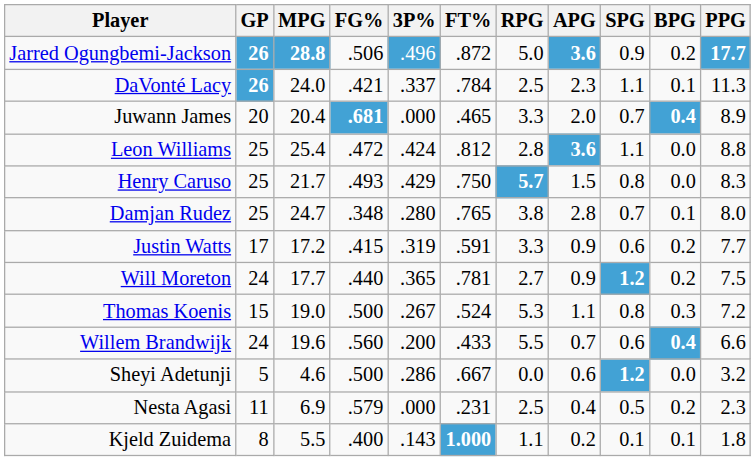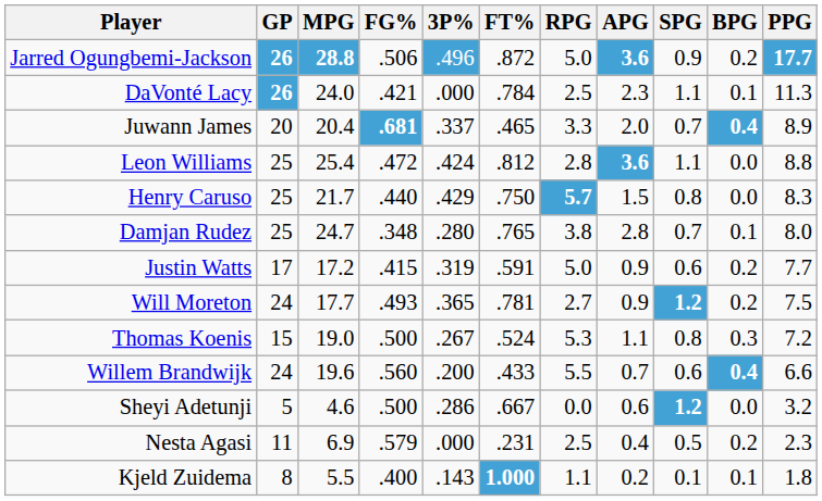 <table class="wikitable sortable" style="text-align:right;">
 <tr>
 <th>Player</th>
 <th>GP</th>
 <th>MPG</th>
 <th>FG%</th>
 <th>3P%</th>
 <th>FT%</th>
 <th>RPG</th>
 <th>APG</th>
 <th>SPG</th>
 <th>BPG</th>
 <th>PPG</th>
 </tr>
 <tr>
 <td><a href='#'>Jarred Ogungbemi-Jackson</a></td>
 <td style="background:#42A2D5; color:white;"><strong>26</strong></td>
 <td style="background:#42A2D5; color:white;"><strong>28.8</strong></td>
 <td>.506</td>
 <td style="background:#42A2D5; color:white;">.496</td>
 <td>.872</td>
 <td>5.0</td>
 <td style="background:#42A2D5; color:white;"><strong>3.6</strong></td>
 <td>0.9</td>
 <td>0.2</td>
 <td style="background:#42A2D5; color:white;"><strong>17.7</strong></td>
 </tr>
 <tr>
 <td><a href='#'>DaVonté Lacy</a></td>
 <td style="background:#42A2D5; color:white;"><strong>26</strong></td>
 <td>24.0</td>
 <td>.421</td>
-<td>.337</td>
+<td>.000</td>
 <td>.784</td>
 <td>2.5</td>
 <td>2.3</td>
 <td>1.1</td>
 <td>0.1</td>
 <td>11.3</td>
 </tr>
 <tr>
 <td>Juwann James</td>
 <td>20</td>
 <td>20.4</td>
 <td style="background:#42A2D5; color:white;"><strong>.681</strong></td>
-<td>.000</td>
+<td>.337</td>
 <td>.465</td>
 <td>3.3</td>
 <td>2.0</td>
 <td>0.7</td>
 <td style="background:#42A2D5; color:white;"><strong>0.4</strong></td>
 <td>8.9</td>
 </tr>
 <tr>
 <td><a href='#'>Leon Williams</a></td>
 <td>25</td>
 <td>25.4</td>
 <td>.472</td>
 <td>.424</td>
 <td>.812</td>
 <td>2.8</td>
 <td style="background:#42A2D5; color:white;"><strong>3.6</strong></td>
 <td>1.1</td>
 <td>0.0</td>
 <td>8.8</td>
 </tr>
 <tr>
 <td><a href='#'>Henry Caruso</a></td>
 <td>25</td>
 <td>21.7</td>
-<td>.493</td>
+<td>.440</td>
 <td>.429</td>
 <td>.750</td>
 <td style="background:#42A2D5; color:white;"><strong>5.7</strong></td>
 <td>1.5</td>
 <td>0.8</td>
 <td>0.0</td>
 <td>8.3</td>
 </tr>
 <tr>
 <td><a href='#'>Damjan Rudez</a></td>
 <td>25</td>
 <td>24.7</td>
 <td>.348</td>
 <td>.280</td>
 <td>.765</td>
 <td>3.8</td>
 <td>2.8</td>
 <td>0.7</td>
 <td>0.1</td>
 <td>8.0</td>
 </tr>
 <tr>
 <td><a href='#'>Justin Watts</a></td>
 <td>17</td>
 <td>17.2</td>
 <td>.415</td>
 <td>.319</td>
 <td>.591</td>
-<td>3.3</td>
+<td>5.0</td>
 <td>0.9</td>
 <td>0.6</td>
 <td>0.2</td>
 <td>7.7</td>
 </tr>
 <tr>
 <td><a href='#'>Will Moreton</a></td>
 <td>24</td>
 <td>17.7</td>
-<td>.440</td>
+<td>.493</td>
 <td>.365</td>
 <td>.781</td>
 <td>2.7</td>
 <td>0.9</td>
 <td style="background:#42A2D5; color:white;"><strong>1.2</strong></td>
 <td>0.2</td>
 <td>7.5</td>
 </tr>
 <tr>
 <td><a href='#'>Thomas Koenis</a></td>
 <td>15</td>
 <td>19.0</td>
 <td>.500</td>
 <td>.267</td>
 <td>.524</td>
 <td>5.3</td>
 <td>1.1</td>
 <td>0.8</td>
 <td>0.3</td>
 <td>7.2</td>
 </tr>
 <tr>
 <td><a href='#'>Willem Brandwijk</a></td>
 <td>24</td>
 <td>19.6</td>
 <td>.560</td>
 <td>.200</td>
 <td>.433</td>
 <td>5.5</td>
 <td>0.7</td>
 <td>0.6</td>
 <td style="background:#42A2D5; color:white;"><strong>0.4</strong></td>
 <td>6.6</td>
 </tr>
 <tr>
 <td>Sheyi Adetunji</td>
 <td>5</td>
 <td>4.6</td>
 <td>.500</td>
 <td>.286</td>
 <td>.667</td>
 <td>0.0</td>
 <td>0.6</td>
 <td style="background:#42A2D5; color:white;"><strong>1.2</strong></td>
 <td>0.0</td>
 <td>3.2</td>
 </tr>
 <tr>
 <td>Nesta Agasi</td>
 <td>11</td>
 <td>6.9</td>
 <td>.579</td>
 <td>.000</td>
 <td>.231</td>
 <td>2.5</td>
 <td>0.4</td>
 <td>0.5</td>
 <td>0.2</td>
 <td>2.3</td>
 </tr>
 <tr>
 <td>Kjeld Zuidema</td>
 <td>8</td>
 <td>5.5</td>
 <td>.400</td>
 <td>.143</td>
 <td style="background:#42A2D5; color:white;"><strong>1.000</strong></td>
 <td>1.1</td>
 <td>0.2</td>
 <td>0.1</td>
 <td>0.1</td>
 <td>1.8</td>
 </tr>
 </table>
